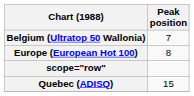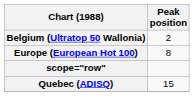 <table class="wikitable sortable plainrowheaders">
 <tr>
 <th>Chart (1988)</th>
 <th>Peak<br>position</th>
 </tr>
 <tr>
 <th scope="row">Belgium (<a href='#'>Ultratop 50</a> Wallonia)</th>
-<td align="center">7</td>
+<td align="center">2</td>
 </tr>
 <tr>
 <th scope="row">Europe (<a href='#'>European Hot 100</a>)</th>
 <td align="center">8</td>
 </tr>
 <tr>
 <th>scope="row"</th>
 </tr>
 <tr>
 <th scope="row">Quebec (<a href='#'>ADISQ</a>)</th>
 <td align="center">15</td>
 </tr>
 <tr>
 </tr>
 </table>
